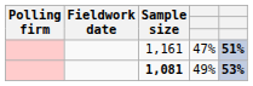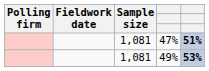 <table class="wikitable sortable" style="text-align:center;font-size:95%;line-height:14px;">
 <tr>
 <th rowspan="3">Polling<br>firm</th>
 <th rowspan="3">Fieldwork<br>date</th>
 <th rowspan="3">Sample<br>size</th>
 <th></th>
 <th></th>
 </tr>
 <tr>
 <th></th>
 <th></th>
 </tr>
 <tr>
 <th style="background:"></th>
 <th style="background:"></th>
 </tr>
 <tr>
 <td style="background:#FFCCCC;"></td>
 <td></td>
-<td>1,161</td>
+<td>1,081</td>
 <td>47%</td>
 <td style="background:#C1CCE1;"><strong>51%</strong></td>
 </tr>
 <tr>
 <td style="background:#FFCCCC;"></td>
 <td></td>
-<td><strong>1,081</strong></td>
+<td>1,081</td>
 <td>49%</td>
 <td style="background:#C1CCE1;"><strong>53%</strong></td>
 </tr>
 </table>
